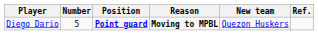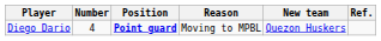 <table class="wikitable sortable sortable">
 <tr>
 <th>Player</th>
 <th>Number</th>
 <th>Position</th>
 <th>Reason</th>
 <th>New team</th>
 <th>Ref.</th>
 </tr>
 <tr style="text-align: center">
 <td><a href='#'>Diego Dario</a></td>
-<td>5</td>
+<td>4</td>
 <td><strong><a href='#'>Point guard</a></strong></td>
-<td><strong>Moving to MPBL</strong></td>
+<td>Moving to MPBL</td>
 <td><a href='#'>Quezon Huskers</a> </td>
 <td></td>
 </tr>
 </table>
